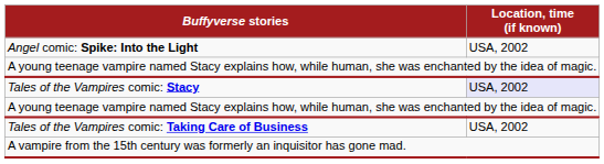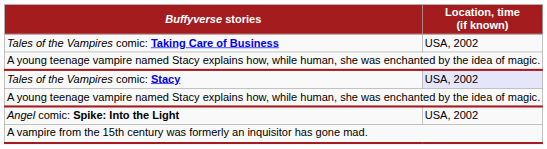 <table class="wikitable">
 <tr>
 <th style="background: #A41C1E; color: white;"><em>Buffyverse</em> stories</th>
 <th style="background: #A41C1E; color: white;"><strong>Location, time</strong><br>(if known)</th>
 </tr>
 <tr ' Angel comic: Spike: Into the Light>
-<td><em>Angel</em> comic: <strong>Spike: Into the Light</strong></td>
+<td><em>Tales of the Vampires</em> comic: <strong><a href='#'>Taking Care of Business</a></strong></td>
 <td>USA, 2002</td>
 </tr>
 <tr>
 <td style="border-bottom: 3px solid #A41C1E;" colspan="2">A young teenage vampire named Stacy explains how, while human, she was enchanted by the idea of magic.</td>
 </tr>
 <tr ' Tales of the Vampires comic: >
 <td><em>Tales of the Vampires</em> comic: <strong><a href='#'>Stacy</a></strong></td>
 <td style="background: lavender;">USA, 2002</td>
 </tr>
 <tr>
 <td style="border-bottom: 3px solid #A41C1E;" colspan="2">A young teenage vampire named Stacy explains how, while human, she was enchanted by the idea of magic.</td>
 </tr>
 <tr>
-<td><em>Tales of the Vampires</em> comic: <strong><a href='#'>Taking Care of Business</a></strong></td>
+<td><em>Angel</em> comic: <strong>Spike: Into the Light</strong></td>
 <td>USA, 2002</td>
 </tr>
 <tr>
 <td style="border-bottom: 3px solid #A41C1E;" colspan="2">A vampire from the 15th century was formerly an inquisitor has gone mad.</td>
 </tr>
 </table>
